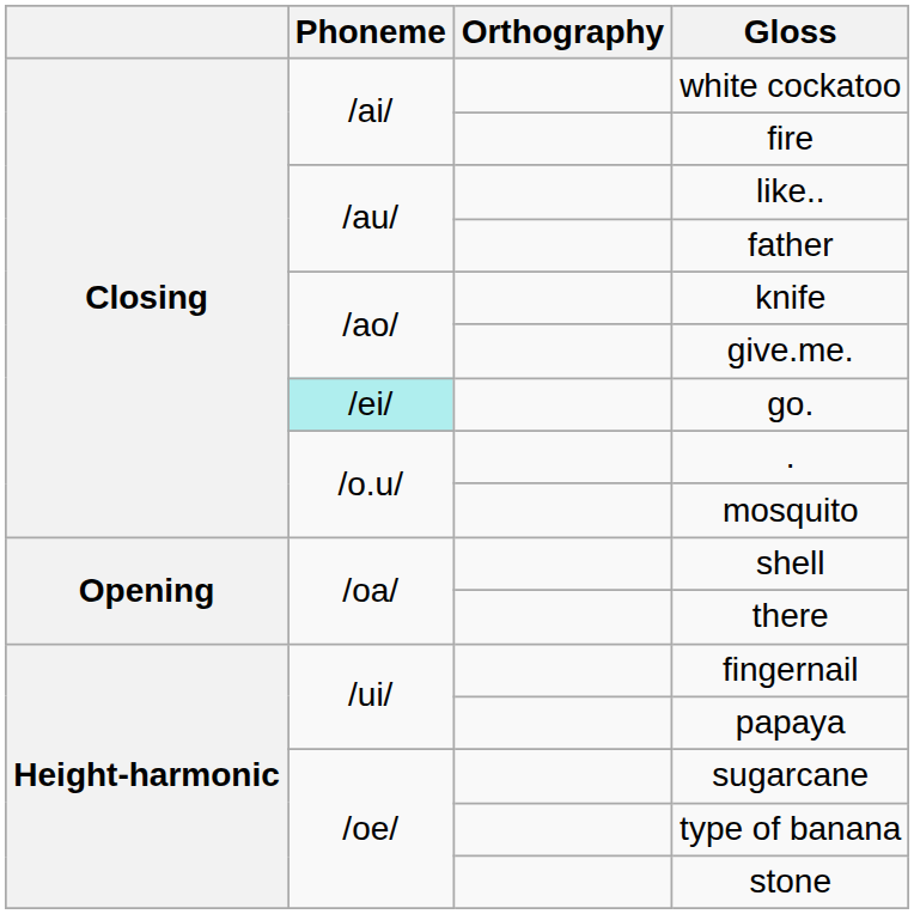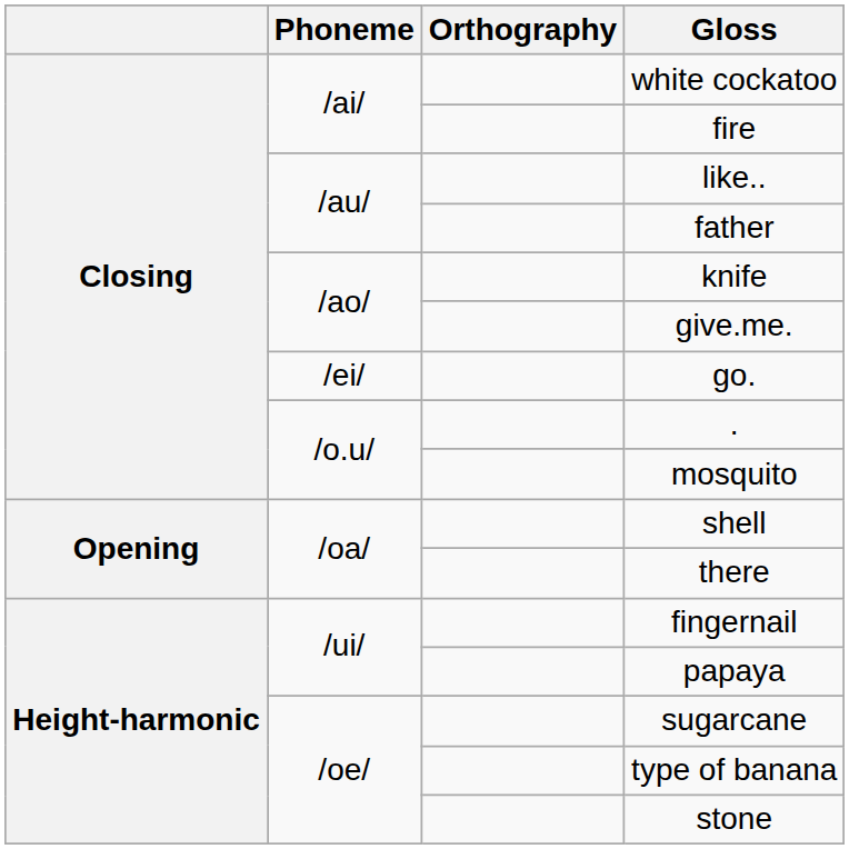 <table class="wikitable" style="text-align: center">
 <tr>
 <th></th>
 <th>Phoneme</th>
 <th>Orthography</th>
 <th>Gloss</th>
 </tr>
 <tr>
 <th rowspan="9">Closing</th>
 <td rowspan="2">/ai/</td>
 <td></td>
 <td>white cockatoo</td>
 </tr>
 <tr>
 <td></td>
 <td>fire</td>
 </tr>
 <tr>
 <td rowspan="2">/au/</td>
 <td></td>
 <td>like..</td>
 </tr>
 <tr>
 <td></td>
 <td>father</td>
 </tr>
 <tr>
 <td rowspan="2">/ao/</td>
 <td></td>
 <td>knife</td>
 </tr>
 <tr>
 <td></td>
 <td>give.me.</td>
 </tr>
 <tr>
-<td style="background: paleturquoise;">/ei/</td>
+<td>/ei/</td>
 <td></td>
 <td>go.</td>
 </tr>
 <tr>
 <td rowspan="2">/o.u/</td>
 <td></td>
 <td>.</td>
 </tr>
 <tr>
 <td></td>
 <td>mosquito</td>
 </tr>
 <tr>
 <th rowspan="2">Opening</th>
 <td rowspan="2">/oa/</td>
 <td></td>
 <td>shell</td>
 </tr>
 <tr>
 <td></td>
 <td>there</td>
 </tr>
 <tr>
 <th rowspan="5">Height-harmonic</th>
 <td rowspan="2">/ui/</td>
 <td></td>
 <td>fingernail</td>
 </tr>
 <tr>
 <td></td>
 <td>papaya</td>
 </tr>
 <tr>
 <td rowspan="3">/oe/</td>
 <td></td>
 <td>sugarcane</td>
 </tr>
 <tr>
 <td></td>
 <td>type of banana</td>
 </tr>
 <tr>
 <td></td>
 <td>stone</td>
 </tr>
 </table>
